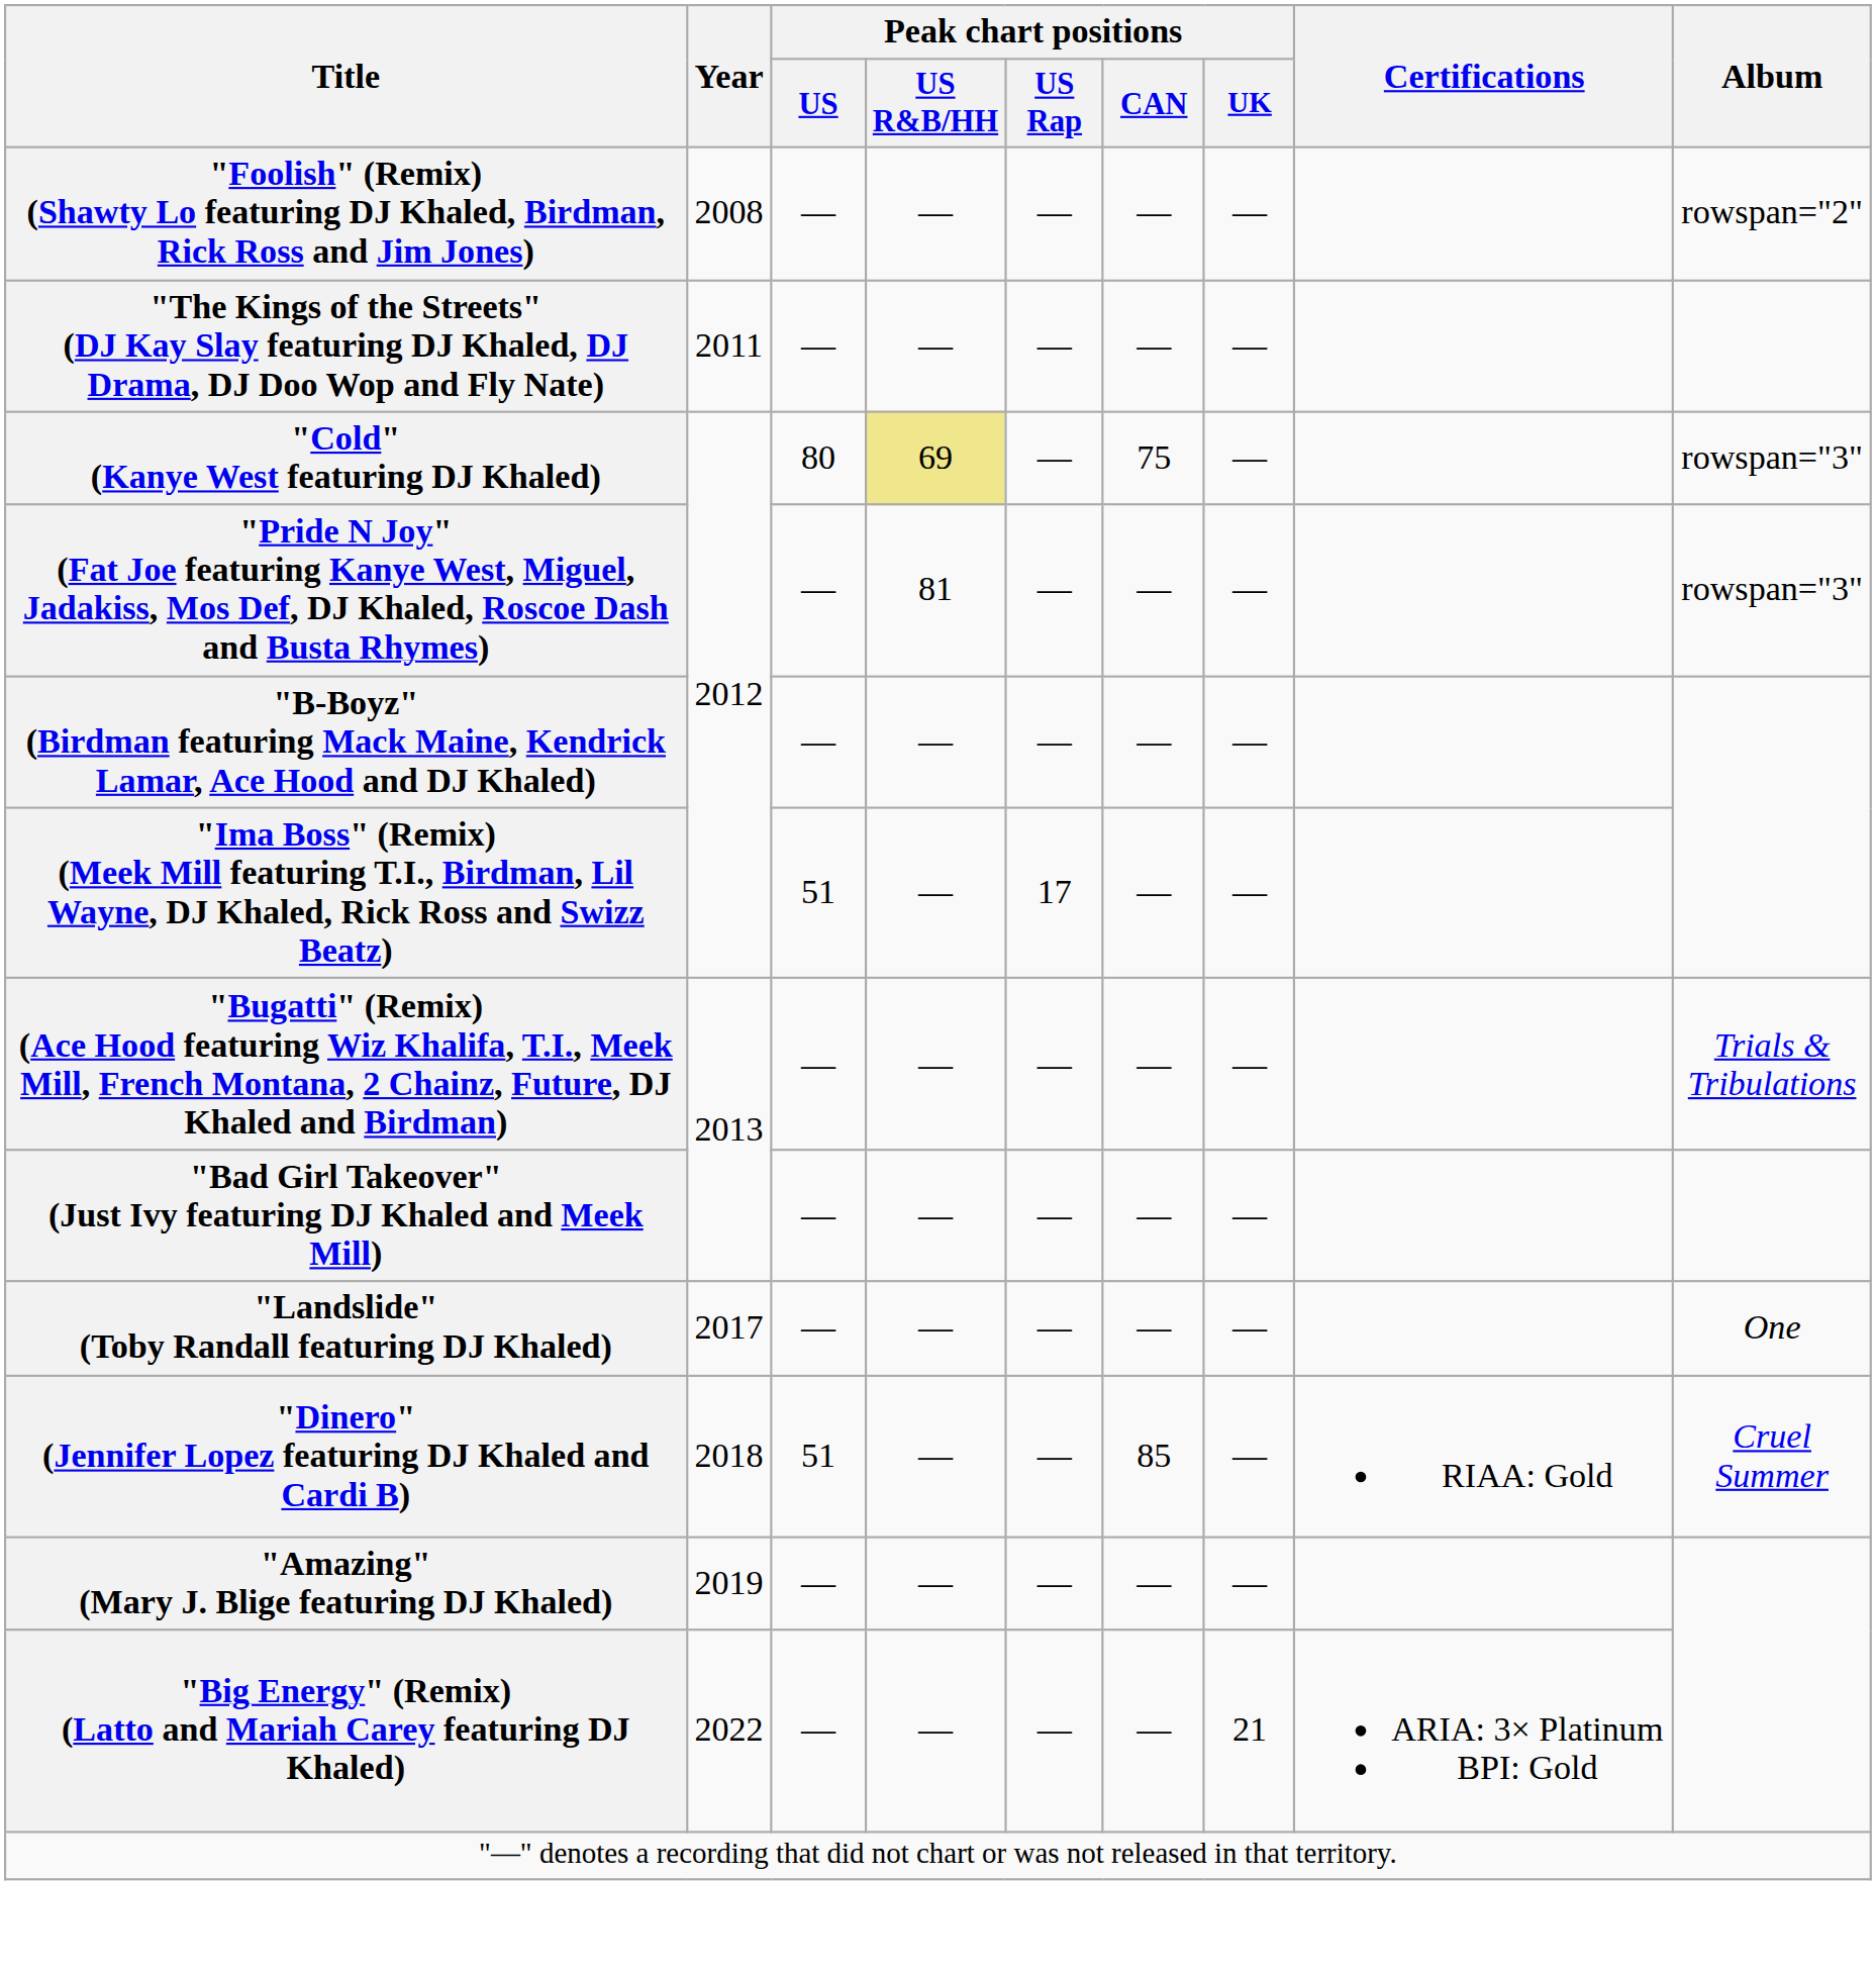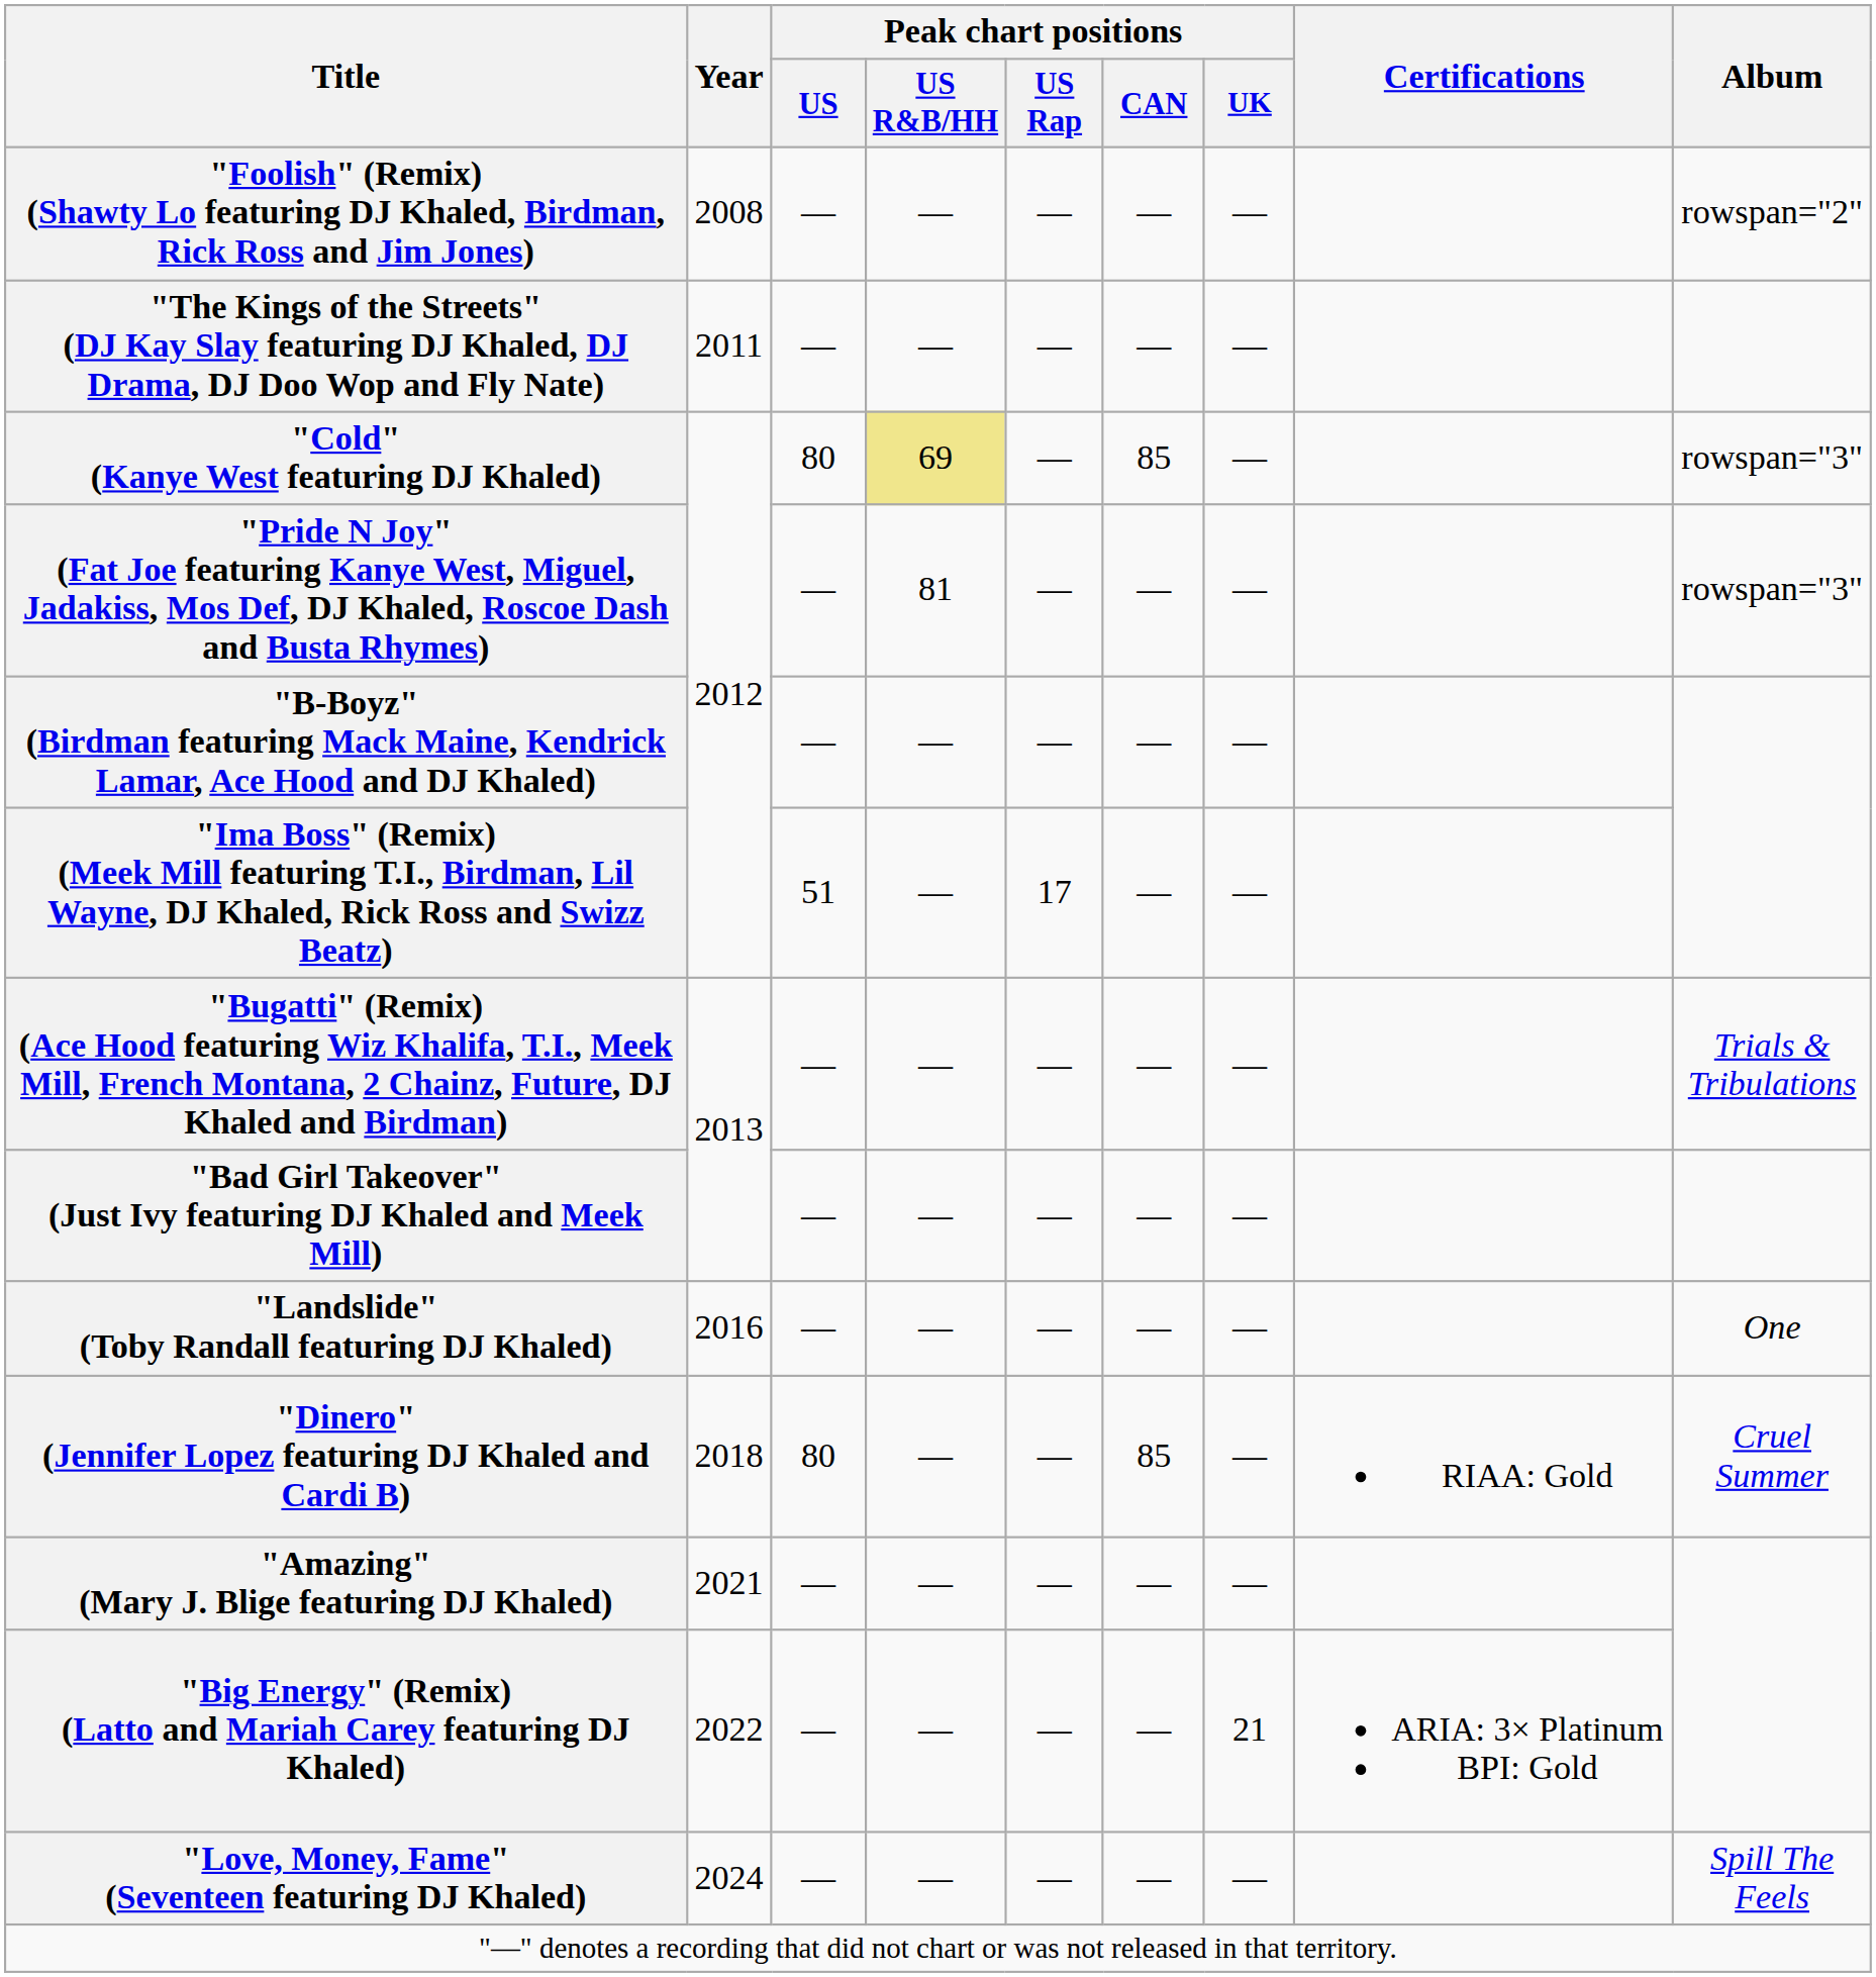 <table class="wikitable plainrowheaders" style="text-align:center;" border="1">
 <tr>
 <th scope="col" rowspan="2" style="width:24em;">Title</th>
 <th scope="col" rowspan="2" style="width:1em;">Year</th>
 <th scope="col" colspan="5">Peak chart positions</th>
 <th scope="col" rowspan="2" style="width:12em;"><a href='#'>Certifications</a></th>
 <th scope="col" rowspan="2">Album</th>
 </tr>
 <tr>
 <th scope="col" style="width:3em;font-size:90%;"><a href='#'>US</a><br></th>
 <th scope="col" style="width:3em;font-size:90%;"><a href='#'>US<br>R&B/HH</a><br></th>
 <th scope="col" style="width:3em;font-size:90%;"><a href='#'>US<br>Rap</a><br></th>
 <th scope="col" style="width:3em;font-size:90%;"><a href='#'>CAN</a><br></th>
 <th scope="col" style="width:3em;font-size:85%;"><a href='#'>UK</a><br></th>
 </tr>
 <tr>
 <th scope="row">"<a href='#'>Foolish</a>" (Remix)<br><span>(<a href='#'>Shawty Lo</a> featuring DJ Khaled, <a href='#'>Birdman</a>, <a href='#'>Rick Ross</a> and <a href='#'>Jim Jones</a>)</span></th>
 <td>2008</td>
 <td>—</td>
 <td>—</td>
 <td>—</td>
 <td>—</td>
 <td>—</td>
 <td></td>
 <td>rowspan="2" </td>
 </tr>
 <tr>
 <th scope="row">"The Kings of the Streets"<br><span>(<a href='#'>DJ Kay Slay</a> featuring DJ Khaled, <a href='#'>DJ Drama</a>, DJ Doo Wop and Fly Nate)</span></th>
 <td>2011</td>
 <td>—</td>
 <td>—</td>
 <td>—</td>
 <td>—</td>
 <td>—</td>
 <td></td>
 </tr>
 <tr>
 <th scope="row">"<a href='#'>Cold</a>"<br><span>(<a href='#'>Kanye West</a> featuring DJ Khaled)</span></th>
 <td rowspan="4">2012</td>
 <td>80</td>
 <td style="background: khaki;">69</td>
 <td>—</td>
-<td>75</td>
+<td>85</td>
 <td>—</td>
 <td></td>
 <td>rowspan="3" </td>
 </tr>
 <tr>
 <th scope="row">"<a href='#'>Pride N Joy</a>"<br><span>(<a href='#'>Fat Joe</a> featuring <a href='#'>Kanye West</a>, <a href='#'>Miguel</a>, <a href='#'>Jadakiss</a>, <a href='#'>Mos Def</a>, DJ Khaled, <a href='#'>Roscoe Dash</a> and <a href='#'>Busta Rhymes</a>)</span></th>
 <td>—</td>
 <td>81</td>
 <td>—</td>
 <td>—</td>
 <td>—</td>
 <td></td>
 <td>rowspan="3" </td>
 </tr>
 <tr>
 <th scope="row">"B-Boyz"<br><span>(<a href='#'>Birdman</a> featuring <a href='#'>Mack Maine</a>, <a href='#'>Kendrick Lamar</a>, <a href='#'>Ace Hood</a> and DJ Khaled)</span></th>
 <td>—</td>
 <td>—</td>
 <td>—</td>
 <td>—</td>
 <td>—</td>
 <td></td>
 </tr>
 <tr>
 <th scope="row">"<a href='#'>Ima Boss</a>" (Remix)<br><span>(<a href='#'>Meek Mill</a> featuring T.I., <a href='#'>Birdman</a>, <a href='#'>Lil Wayne</a>, DJ Khaled, Rick Ross and <a href='#'>Swizz Beatz</a>)</span></th>
 <td>51</td>
 <td>—</td>
 <td>17</td>
 <td>—</td>
 <td>—</td>
 <td></td>
 </tr>
 <tr>
 <th scope="row">"<a href='#'>Bugatti</a>" (Remix)<br><span>(<a href='#'>Ace Hood</a> featuring <a href='#'>Wiz Khalifa</a>, <a href='#'>T.I.</a>, <a href='#'>Meek Mill</a>, <a href='#'>French Montana</a>, <a href='#'>2 Chainz</a>, <a href='#'>Future</a>, DJ Khaled and <a href='#'>Birdman</a>)</span></th>
 <td rowspan="2">2013</td>
 <td>—</td>
 <td>—</td>
 <td>—</td>
 <td>—</td>
 <td>—</td>
 <td></td>
 <td><em><a href='#'>Trials & Tribulations</a></em></td>
 </tr>
 <tr>
 <th scope="row">"Bad Girl Takeover"<br><span>(Just Ivy featuring DJ Khaled and <a href='#'>Meek Mill</a>)</span></th>
 <td>—</td>
 <td>—</td>
 <td>—</td>
 <td>—</td>
 <td>—</td>
 <td></td>
 <td></td>
 </tr>
 <tr>
 <th scope="row">"Landslide"<br><span>(Toby Randall featuring DJ Khaled)</span></th>
-<td>2017</td>
+<td>2016</td>
 <td>—</td>
 <td>—</td>
 <td>—</td>
 <td>—</td>
 <td>—</td>
 <td></td>
 <td><em>One</em></td>
 </tr>
 <tr>
 <th scope="row">"<a href='#'>Dinero</a>"<br><span>(<a href='#'>Jennifer Lopez</a> featuring DJ Khaled and <a href='#'>Cardi B</a>)</span></th>
 <td>2018</td>
-<td>51</td>
+<td>80</td>
 <td>—</td>
 <td>—</td>
 <td>85</td>
 <td>—</td>
 <td><br><ul><li>RIAA: Gold</li></ul></td>
 <td><em><a href='#'>Cruel Summer</a></em></td>
 </tr>
 <tr>
 <th scope="row">"Amazing"<br><span>(Mary J. Blige featuring DJ Khaled)</span></th>
-<td>2019</td>
+<td>2021</td>
 <td>—</td>
 <td>—</td>
 <td>—</td>
 <td>—</td>
 <td>—</td>
 <td></td>
 </tr>
 <tr>
 <th scope="row">"<a href='#'>Big Energy</a>" (Remix)<br><span>(<a href='#'>Latto</a> and <a href='#'>Mariah Carey</a> featuring DJ Khaled)</span></th>
 <td>2022</td>
 <td>—</td>
 <td>—</td>
 <td>—</td>
 <td>—</td>
 <td>21</td>
 <td><br><ul><li>ARIA: 3× Platinum</li><li>BPI: Gold</li></ul></td>
 </tr>
 <tr>
+<th scope="row">"<a href='#'>Love, Money, Fame</a>"<br><span>(<a href='#'>Seventeen</a> featuring DJ Khaled)</span></th>
+<td>2024</td>
+<td>—</td>
+<td>—</td>
+<td>—</td>
+<td>—</td>
+<td>—</td>
+<td></td>
+<td><em><a href='#'>Spill The Feels</a></em></td>
+</tr>
+<tr>
 <td colspan="9" style="font-size:85%">"—" denotes a recording that did not chart or was not released in that territory.</td>
 </tr>
 </table>
